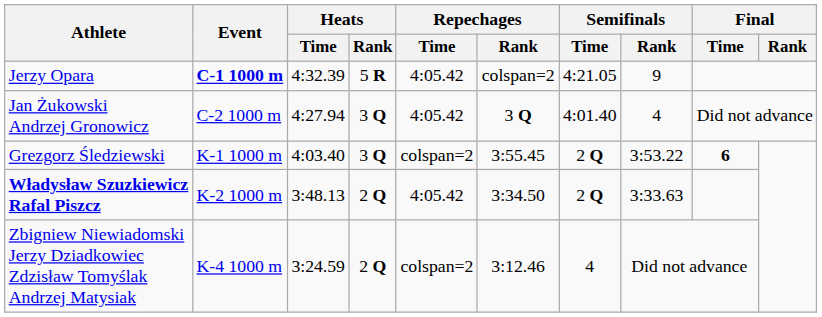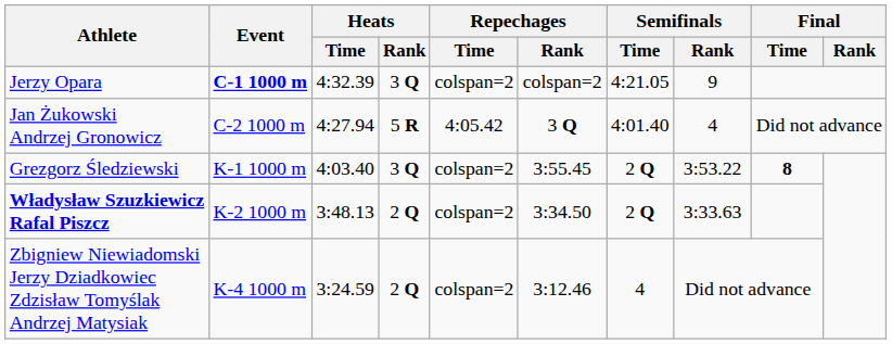 <table class="wikitable" style="font-size:90%">
 <tr>
 <th rowspan=2>Athlete</th>
 <th rowspan=2>Event</th>
 <th colspan=2>Heats</th>
 <th colspan=2>Repechages</th>
 <th colspan=2>Semifinals</th>
 <th colspan=2>Final</th>
 </tr>
 <tr style="font-size:95%">
 <th>Time</th>
 <th>Rank</th>
 <th>Time</th>
 <th>Rank</th>
 <th>Time</th>
 <th>Rank</th>
 <th>Time</th>
 <th>Rank</th>
 </tr>
 <tr align=center>
 <td align=left><a href='#'>Jerzy Opara</a></td>
 <td align=left><strong><a href='#'>C-1 1000 m</a></strong></td>
 <td>4:32.39</td>
-<td>5 <strong>R</strong></td>
-<td>4:05.42</td>
+<td>3 <strong>Q</strong></td>
+<td>colspan=2 </td>
 <td>colspan=2 </td>
 <td>4:21.05</td>
 <td>9</td>
 </tr>
 <tr align=center>
 <td align=left><a href='#'>Jan Żukowski </a><br><a href='#'>Andrzej Gronowicz</a></td>
 <td align=left><a href='#'>C-2 1000 m</a></td>
 <td>4:27.94</td>
-<td>3 <strong>Q</strong></td>
+<td>5 <strong>R</strong></td>
 <td>4:05.42</td>
 <td>3 <strong>Q</strong></td>
 <td>4:01.40</td>
 <td>4</td>
 <td colspan=2>Did not advance</td>
 </tr>
 <tr align=center>
 <td align=left><a href='#'>Grezgorz Śledziewski</a></td>
 <td align=left><a href='#'>K-1 1000 m</a></td>
 <td>4:03.40</td>
 <td>3 <strong>Q</strong></td>
 <td>colspan=2 </td>
 <td>3:55.45</td>
 <td>2 <strong>Q</strong></td>
 <td>3:53.22</td>
-<td><strong>6</strong></td>
+<td><strong>8</strong></td>
 </tr>
 <tr align=center>
 <td align=left><strong><a href='#'>Władysław Szuzkiewicz</a><br><a href='#'>Rafal Piszcz</a></strong></td>
 <td align=left><a href='#'>K-2 1000 m</a></td>
 <td>3:48.13</td>
 <td>2 <strong>Q</strong></td>
-<td>4:05.42</td>
+<td>colspan=2 </td>
 <td>3:34.50</td>
 <td>2 <strong>Q</strong></td>
 <td>3:33.63</td>
 <td></td>
 </tr>
 <tr align=center>
 <td align=left><a href='#'>Zbigniew Niewiadomski</a><br><a href='#'>Jerzy Dziadkowiec</a><br><a href='#'>Zdzisław Tomyślak</a><br><a href='#'>Andrzej Matysiak</a></td>
 <td align=left><a href='#'>K-4 1000 m</a></td>
 <td>3:24.59</td>
 <td>2 <strong>Q</strong></td>
 <td>colspan=2 </td>
 <td>3:12.46</td>
 <td>4</td>
 <td colspan=2>Did not advance</td>
 </tr>
 </table>
